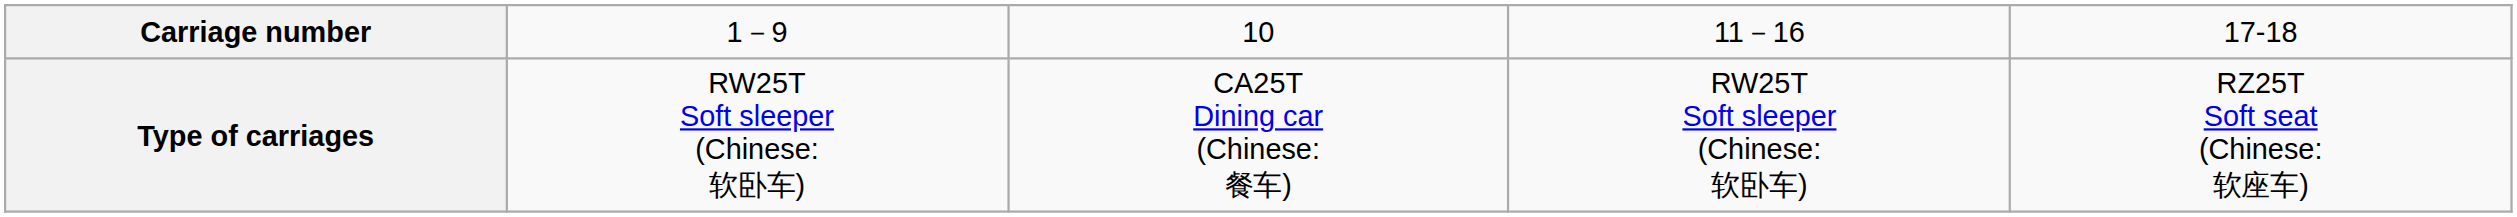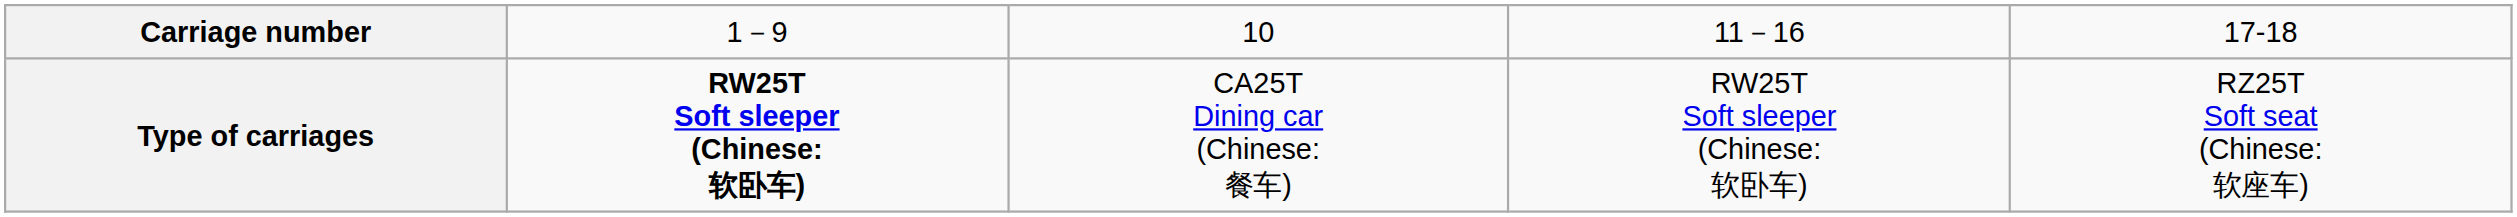 <table class="wikitable" style="text-align: center; font-size: small;">
 <tr>
 <th>Carriage number</th>
 <td>1－9</td>
 <td>10</td>
 <td>11－16</td>
 <td>17-18</td>
 </tr>
 <tr>
 <th style="width: 10%;">Type of carriages</th>
-<td style="width: 10%;">RW25T<br><a href='#'>Soft sleeper</a><br>(Chinese:<br>软卧车)</td>
+<td style="width: 10%;"><strong>RW25T<br><a href='#'>Soft sleeper</a><br>(Chinese:<br>软卧车)</strong></td>
 <td style="width: 10%;">CA25T<br><a href='#'>Dining car</a><br>(Chinese:<br>餐车)</td>
 <td style="width: 10%;">RW25T<br><a href='#'>Soft sleeper</a><br>(Chinese:<br>软卧车)</td>
 <td style="width: 10%;">RZ25T<br><a href='#'>Soft seat</a><br>(Chinese:<br>软座车)</td>
 </tr>
 </table>
